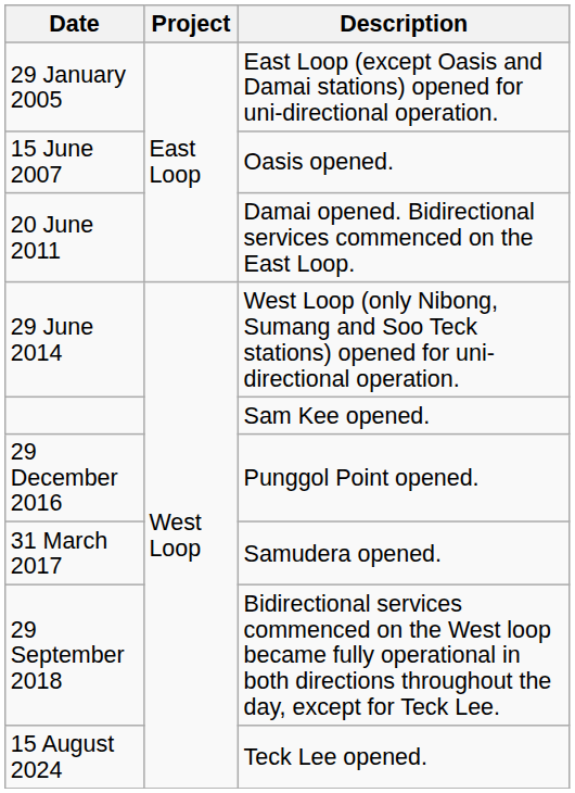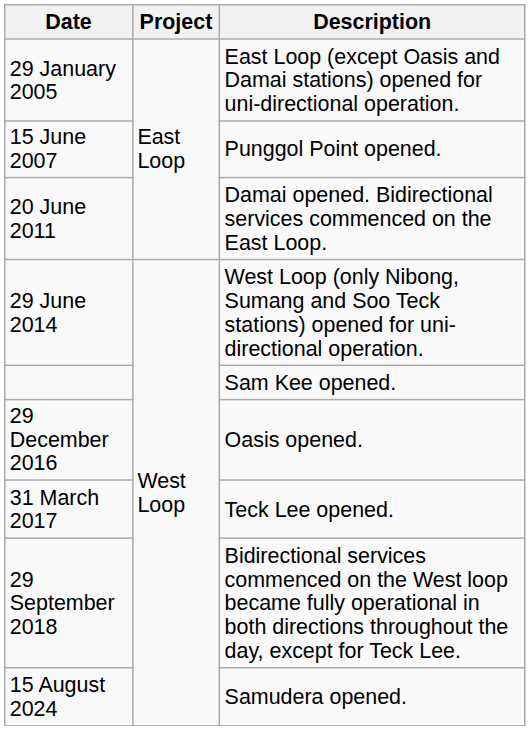 <table class="wikitable floatright" style="width:350px; font-size:90%">
 <tr>
 <th>Date</th>
 <th>Project</th>
 <th>Description</th>
 </tr>
 <tr>
 <td>29 January 2005</td>
 <td rowspan="3">East Loop</td>
 <td>East Loop (except Oasis and Damai stations) opened for uni-directional operation.</td>
 </tr>
 <tr>
 <td>15 June 2007</td>
-<td>Oasis opened.</td>
+<td>Punggol Point opened.</td>
 </tr>
 <tr>
 <td>20 June 2011</td>
 <td>Damai opened. Bidirectional services commenced on the East Loop.</td>
 </tr>
 <tr>
 <td>29 June 2014</td>
 <td rowspan="6">West Loop</td>
 <td>West Loop (only Nibong, Sumang and Soo Teck stations) opened for uni-directional operation.</td>
 </tr>
 <tr>
 <td></td>
 <td>Sam Kee opened.</td>
 </tr>
 <tr>
 <td>29 December 2016</td>
-<td>Punggol Point opened.</td>
+<td>Oasis opened.</td>
 </tr>
 <tr>
 <td>31 March 2017</td>
-<td>Samudera opened.</td>
+<td>Teck Lee opened.</td>
 </tr>
 <tr>
 <td>29 September 2018</td>
 <td>Bidirectional services commenced on the West loop became fully operational in both directions throughout the day, except for Teck Lee.</td>
 </tr>
 <tr>
 <td>15 August 2024</td>
-<td>Teck Lee opened.</td>
+<td>Samudera opened.</td>
 </tr>
 </table>
